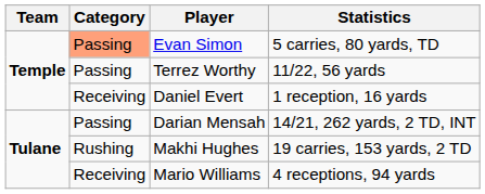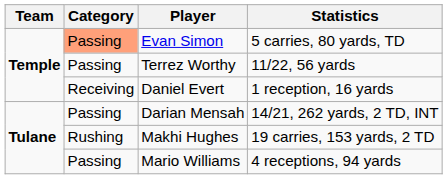 <table class="wikitable" style="float: right;">
 <tr>
 <th>Team</th>
 <th>Category</th>
 <th>Player</th>
 <th>Statistics</th>
 </tr>
 <tr>
 <td rowspan=3><strong>Temple</strong></td>
 <td style="background: lightsalmon;">Passing</td>
 <td><a href='#'>Evan Simon</a></td>
 <td>5 carries, 80 yards, TD</td>
 </tr>
 <tr>
 <td>Passing</td>
 <td>Terrez Worthy</td>
 <td>11/22, 56 yards</td>
 </tr>
 <tr>
 <td>Receiving</td>
 <td>Daniel Evert</td>
 <td>1 reception, 16 yards</td>
 </tr>
 <tr>
 <td rowspan=3><strong>Tulane</strong></td>
 <td>Passing</td>
 <td>Darian Mensah</td>
 <td>14/21, 262 yards, 2 TD, INT</td>
 </tr>
 <tr>
 <td>Rushing</td>
 <td>Makhi Hughes</td>
 <td>19 carries, 153 yards, 2 TD</td>
 </tr>
 <tr>
-<td>Receiving</td>
+<td>Passing</td>
 <td>Mario Williams</td>
 <td>4 receptions, 94 yards</td>
 </tr>
 </table>
